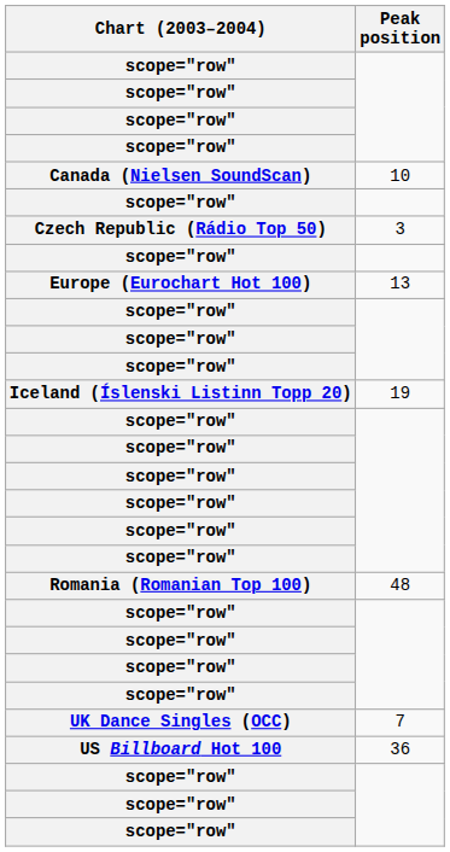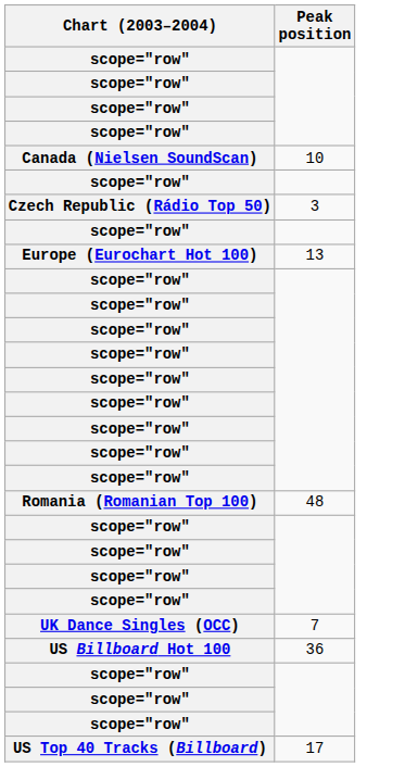 <table class="wikitable sortable plainrowheaders" style="text-align:center">
 <tr>
 <th scope="col">Chart (2003–2004)</th>
 <th scope="col">Peak<br>position</th>
 </tr>
 <tr>
 <th>scope="row"</th>
 </tr>
 <tr>
 <th>scope="row"</th>
 </tr>
 <tr>
 <th>scope="row"</th>
 </tr>
 <tr>
 <th>scope="row"</th>
 </tr>
 <tr>
 <th scope="row">Canada (<a href='#'>Nielsen SoundScan</a>)</th>
 <td>10</td>
 </tr>
 <tr>
 <th>scope="row"</th>
 </tr>
 <tr>
 <th scope="row">Czech Republic (<a href='#'>Rádio Top 50</a>)</th>
 <td>3</td>
 </tr>
 <tr>
 <th>scope="row"</th>
 </tr>
 <tr>
 <th scope="row">Europe (<a href='#'>Eurochart Hot 100</a>)</th>
 <td>13</td>
 </tr>
 <tr>
 <th>scope="row"</th>
 </tr>
 <tr>
 <th>scope="row"</th>
 </tr>
 <tr>
 <th>scope="row"</th>
-</tr>
-<tr>
-<th scope="row">Iceland (<a href='#'>Íslenski Listinn Topp 20</a>)</th>
-<td>19</td>
 </tr>
 <tr>
 <th>scope="row"</th>
 </tr>
 <tr>
 <th>scope="row"</th>
 </tr>
 <tr>
 <th>scope="row"</th>
 </tr>
 <tr>
 <th>scope="row"</th>
 </tr>
 <tr>
 <th>scope="row"</th>
 </tr>
 <tr>
 <th>scope="row"</th>
 </tr>
 <tr>
 <th scope="row">Romania (<a href='#'>Romanian Top 100</a>)</th>
 <td>48</td>
 </tr>
 <tr>
 <th>scope="row"</th>
 </tr>
 <tr>
 <th>scope="row"</th>
 </tr>
 <tr>
 <th>scope="row"</th>
 </tr>
 <tr>
 <th>scope="row"</th>
 </tr>
 <tr>
 <th scope="row"><a href='#'>UK Dance Singles</a> (<a href='#'>OCC</a>)</th>
 <td>7</td>
 </tr>
 <tr>
 <th scope="row">US <a href='#'><em>Billboard</em> Hot 100</a></th>
 <td>36</td>
 </tr>
 <tr>
 <th>scope="row"</th>
 </tr>
 <tr>
 <th>scope="row"</th>
 </tr>
 <tr>
 <th>scope="row"</th>
 </tr>
+<tr>
+<th scope="row">US <a href='#'>Top 40 Tracks</a> (<em><a href='#'>Billboard</a></em>)</th>
+<td>17</td>
+</tr>
 </table>
